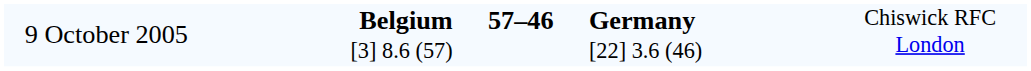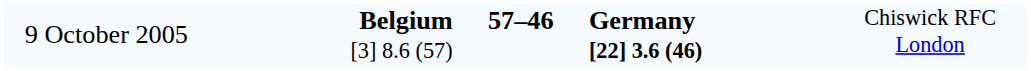 <table style="width: 100%; background:#F5FAFF;" cellspacing="0">
 <tr>
 <td align=center rowspan=3 width=20%>9 October 2005</td>
 </tr>
 <tr>
 <td width=24% align=right><strong>Belgium</strong></td>
 <td align=center width=13%><strong>57–46</strong></td>
 <td width=24%><strong>Germany</strong></td>
 <td style=font-size:85% rowspan=3 valign=top align=center>Chiswick RFC<br><a href='#'>London</a></td>
 </tr>
 <tr style=font-size:85%>
 <td align=right>[3] 8.6 (57)</td>
 <td></td>
-<td>[22] 3.6 (46)</td>
+<td><strong>[22] 3.6 (46)</strong></td>
 </tr>
 </table>
